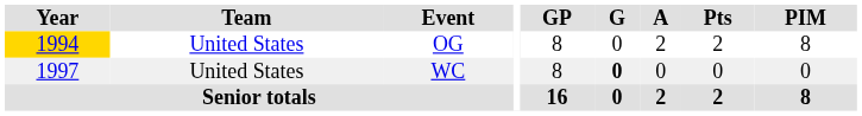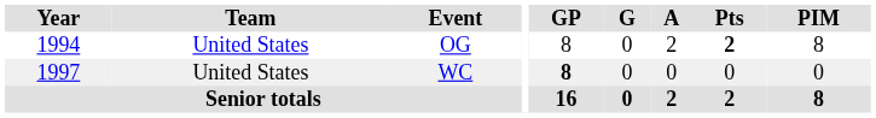 <table border="0" cellpadding="1" cellspacing="0" ID="Table3" style="text-align:center; width:40em">
 <tr ALIGN="center" bgcolor="#e0e0e0">
 <th>Year</th>
 <th>Team</th>
 <th>Event</th>
 <th rowspan="99" bgcolor="#ffffff"></th>
 <th>GP</th>
 <th>G</th>
 <th>A</th>
 <th>Pts</th>
 <th>PIM</th>
 </tr>
 <tr>
-<td style="background: gold;"><a href='#'>1994</a></td>
+<td><a href='#'>1994</a></td>
 <td><a href='#'>United States</a></td>
 <td><a href='#'>OG</a></td>
 <td>8</td>
 <td>0</td>
 <td>2</td>
-<td>2</td>
+<td><strong>2</strong></td>
 <td>8</td>
 </tr>
 <tr bgcolor="#f0f0f0">
 <td><a href='#'>1997</a></td>
 <td>United States</td>
 <td><a href='#'>WC</a></td>
-<td>8</td>
-<td><strong>0</strong></td>
+<td><strong>8</strong></td>
+<td>0</td>
 <td>0</td>
 <td>0</td>
 <td>0</td>
 </tr>
 <tr bgcolor="#e0e0e0">
 <th colspan="3">Senior totals</th>
 <th>16</th>
 <th>0</th>
 <th>2</th>
 <th>2</th>
 <th>8</th>
 </tr>
 </table>
